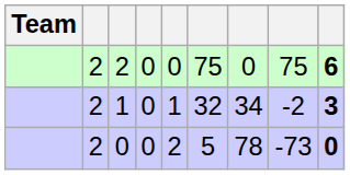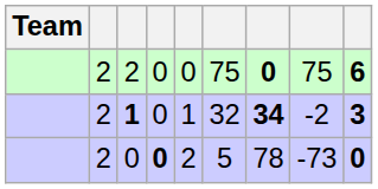 <table class="wikitable" style="text-align: center;">
 <tr>
 <th>Team</th>
 <th></th>
 <th></th>
 <th></th>
 <th></th>
 <th></th>
 <th></th>
 <th></th>
 <th><strong></strong></th>
 </tr>
 <tr bgcolor="ccffcc">
 <td align="left"></td>
 <td>2</td>
 <td>2</td>
 <td>0</td>
 <td>0</td>
 <td>75</td>
-<td>0</td>
+<td><strong>0</strong></td>
 <td>75</td>
 <td><strong>6</strong></td>
 </tr>
 <tr bgcolor="ccccff">
 <td align="left"></td>
 <td>2</td>
-<td>1</td>
+<td><strong>1</strong></td>
 <td>0</td>
 <td>1</td>
 <td>32</td>
-<td>34</td>
+<td><strong>34</strong></td>
 <td>-2</td>
 <td><strong>3</strong></td>
 </tr>
 <tr bgcolor="ccccff">
 <td align="left"></td>
 <td>2</td>
 <td>0</td>
-<td>0</td>
+<td><strong>0</strong></td>
 <td>2</td>
 <td>5</td>
 <td>78</td>
 <td>-73</td>
 <td><strong>0</strong></td>
 </tr>
 </table>
